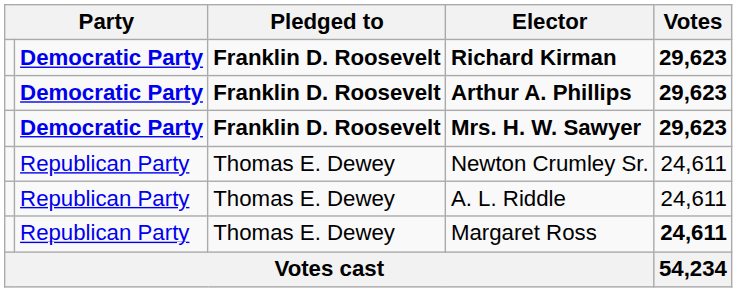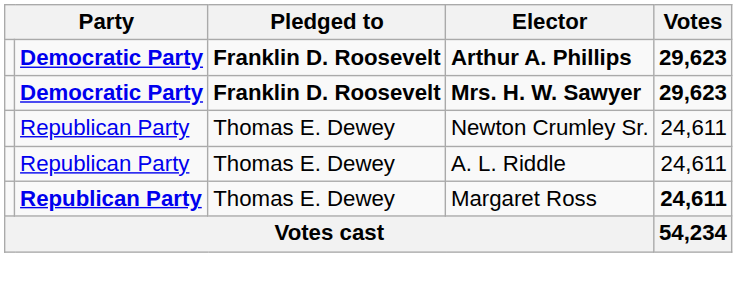 <table class="wikitable">
 <tr>
 <th colspan=2>Party</th>
 <th>Pledged to</th>
 <th>Elector</th>
 <th>Votes</th>
-</tr>
-<tr style="font-weight:bold">
-<td></td>
-<td><a href='#'>Democratic Party</a></td>
-<td>Franklin D. Roosevelt</td>
-<td>Richard Kirman</td>
-<td align="right">29,623</td>
 </tr>
 <tr style="font-weight:bold">
 <td></td>
 <td><a href='#'>Democratic Party</a></td>
 <td>Franklin D. Roosevelt</td>
 <td>Arthur A. Phillips</td>
 <td align="right">29,623</td>
 </tr>
 <tr style="font-weight:bold">
 <td></td>
 <td><a href='#'>Democratic Party</a></td>
 <td>Franklin D. Roosevelt</td>
 <td>Mrs. H. W. Sawyer</td>
 <td align="right">29,623</td>
 </tr>
 <tr>
 <td></td>
 <td><a href='#'>Republican Party</a></td>
 <td>Thomas E. Dewey</td>
 <td>Newton Crumley Sr.</td>
 <td align="right">24,611</td>
 </tr>
 <tr>
 <td></td>
 <td><a href='#'>Republican Party</a></td>
 <td>Thomas E. Dewey</td>
 <td>A. L. Riddle</td>
 <td align="right">24,611</td>
 </tr>
 <tr>
 <td></td>
-<td><a href='#'>Republican Party</a></td>
+<td><strong><a href='#'>Republican Party</a></strong></td>
 <td>Thomas E. Dewey</td>
 <td>Margaret Ross</td>
 <td align="right"><strong>24,611</strong></td>
 </tr>
 <tr>
 <th colspan="4">Votes cast</th>
 <th>54,234</th>
 </tr>
 </table>
